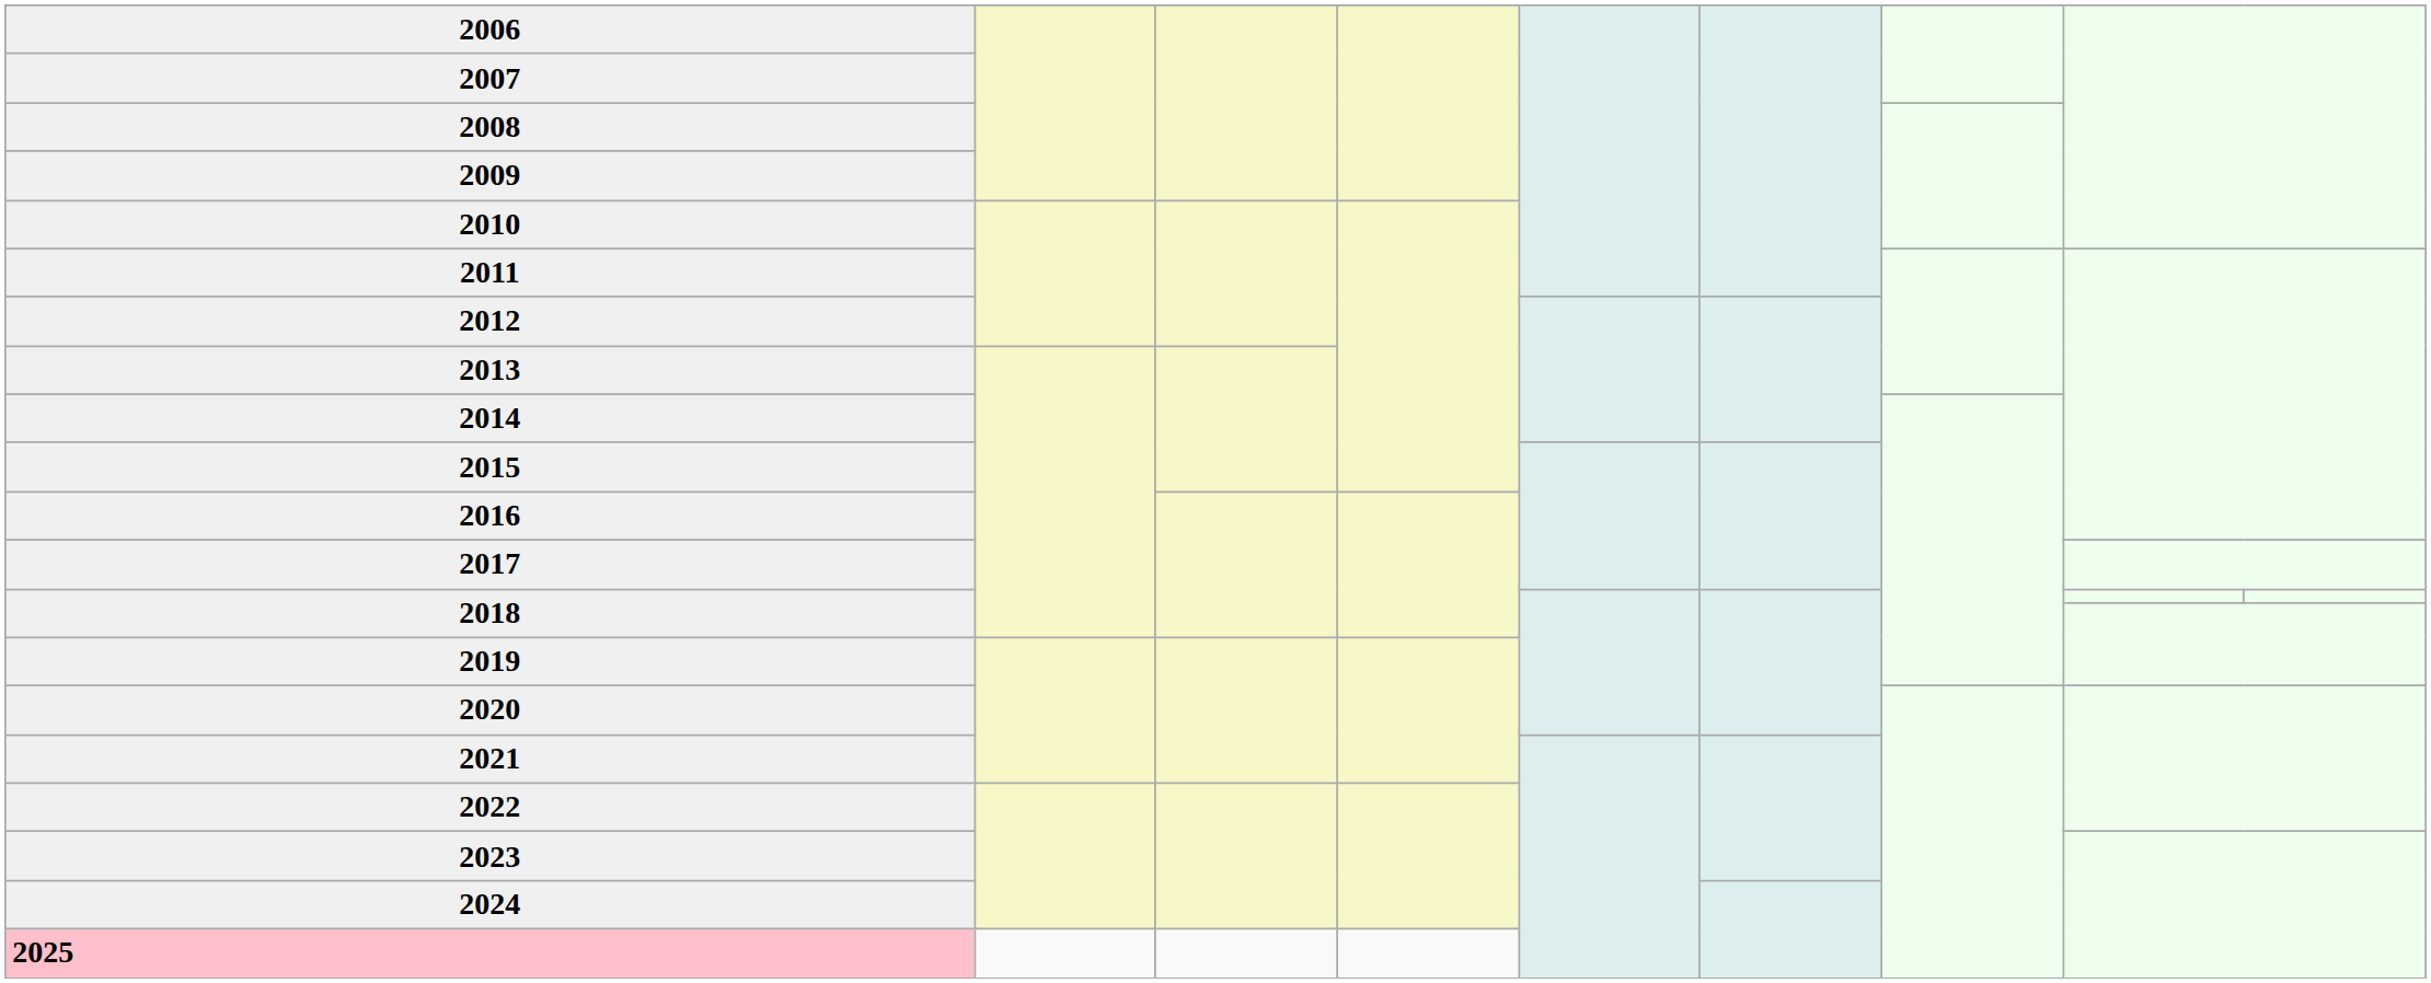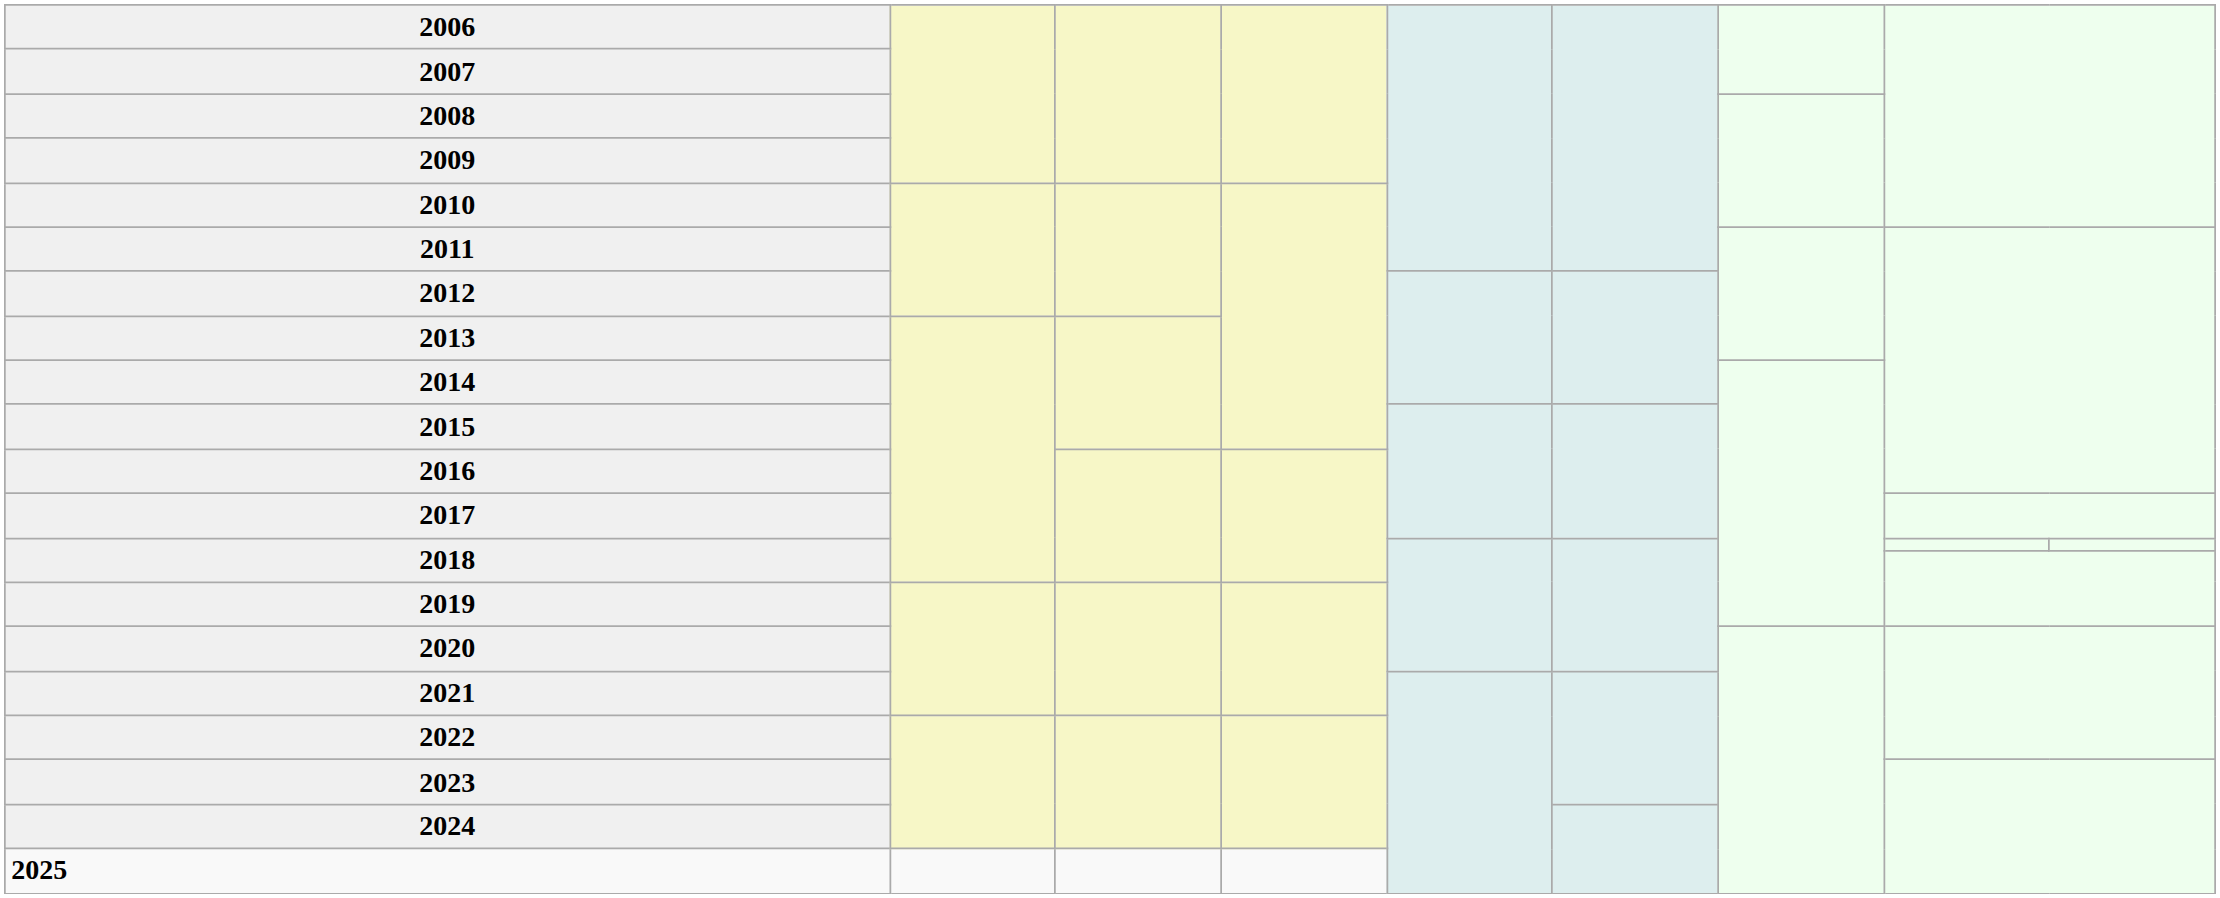 <table class="wikitable" width="100%" border="1" cellpadding="5" cellspacing="0">
 <tr align="center">
 <td style="background: #f0f0f0"><strong>2006</strong></td>
 <td style='background: #f7f7c7; ' valign="middle" rowspan=4></td>
 <td style='background: #f7f7c7; ' valign="middle" rowspan=4></td>
 <td style='background: #f7f7c7; ' valign="middle" rowspan=4></td>
 <td style='background: #ddeeee; ' valign="middle" rowspan=6></td>
 <td style='background: #ddeeee; ' valign="middle" rowspan=6></td>
 <td style='background: #eeffee; ' valign="middle" rowspan=2></td>
 <td style='background: #eeffee; ' valign="middle" rowspan=5 colspan=2></td>
 </tr>
 <tr align="center">
 <td style="background: #f0f0f0"><strong>2007</strong></td>
 </tr>
 <tr align="center">
 <td style="background: #f0f0f0"><strong>2008</strong></td>
 <td style='background: #eeffee; ' valign="middle" rowspan=3></td>
 </tr>
 <tr align="center">
 <td style="background: #f0f0f0"><strong>2009</strong></td>
 </tr>
 <tr align="center">
 <td style="background: #f0f0f0"><strong>2010</strong></td>
 <td style='background: #f7f7c7; ' valign="middle" rowspan=3></td>
 <td style='background: #f7f7c7; ' valign="middle" rowspan=3></td>
 <td style='background: #f7f7c7; ' valign="middle" rowspan=6></td>
 </tr>
 <tr align="center">
 <td style="background: #f0f0f0"><strong>2011</strong></td>
 <td style='background: #eeffee; ' valign="middle" rowspan=3></td>
 <td style='background: #eeffee; ' valign="middle" rowspan=6 colspan=2></td>
 </tr>
 <tr align="center">
 <td style="background: #f0f0f0"><strong>2012</strong></td>
 <td style='background: #ddeeee; ' valign="middle" rowspan=3></td>
 <td style='background: #ddeeee; ' valign="middle" rowspan=3></td>
 </tr>
 <tr align="center">
 <td style="background: #f0f0f0"><strong>2013</strong></td>
 <td style='background: #f7f7c7; ' valign="middle" rowspan=7></td>
 <td style='background: #f7f7c7; ' valign="middle" rowspan=3></td>
 </tr>
 <tr align="center">
 <td style="background: #f0f0f0"><strong>2014</strong></td>
 <td style='background: #eeffee; ' valign="middle" rowspan=7></td>
 </tr>
 <tr align="center">
 <td style="background: #f0f0f0"><strong>2015</strong></td>
 <td style='background: #ddeeee; ' valign="middle" rowspan=3></td>
 <td style='background: #ddeeee; ' valign="middle" rowspan=3></td>
 </tr>
 <tr align="center">
 <td style="background: #f0f0f0"><strong>2016</strong></td>
 <td style='background: #f7f7c7; ' valign="middle" rowspan=4></td>
 <td style='background: #f7f7c7; ' valign="middle" rowspan=4></td>
 </tr>
 <tr align="center">
 <td style="background: #f0f0f0"><strong>2017</strong></td>
 <td style='background: #eeffee; ' valign="middle" rowspan=1 colspan=2></td>
 </tr>
 <tr align="center">
 <td rowspan="2" style="background: #f0f0f0"><strong>2018</strong></td>
 <td style='background: #ddeeee; ' valign="middle" rowspan=4></td>
 <td style='background: #ddeeee; ' valign="middle" rowspan=4></td>
 <td style='background: #eeffee; ' valign="middle" rowspan=1 colspan=1></td>
 <td style='background: #eeffee; ' valign="middle" rowspan= colspan=1></td>
 </tr>
 <tr align="center">
 <td style='background: #eeffee; ' valign="middle" rowspan=2 colspan=2></td>
 </tr>
 <tr align="center">
 <td style="background: #f0f0f0"><strong>2019</strong></td>
 <td style='background: #f7f7c7; ' valign="middle" rowspan=3></td>
 <td style='background: #f7f7c7; ' valign="middle" rowspan=3></td>
 <td style='background: #f7f7c7; ' valign="middle" rowspan=3></td>
 </tr>
 <tr align="center">
 <td style="background: #f0f0f0"><strong>2020</strong></td>
 <td rowspan="6" style="background: #eeffee; " valign="middle"></td>
 <td style='background: #eeffee; ' valign="middle" rowspan=3 colspan=2></td>
 </tr>
 <tr align="center">
 <td style="background: #f0f0f0"><strong>2021</strong></td>
 <td rowspan="5" style="background: #ddeeee; " valign="middle"></td>
 <td style='background: #ddeeee; ' valign="middle" rowspan=3></td>
 </tr>
 <tr align="center">
 <td style="background: #f0f0f0"><strong>2022</strong></td>
 <td style='background: #f7f7c7; ' valign="middle" rowspan=3></td>
 <td style='background: #f7f7c7; ' valign="middle" rowspan=3></td>
 <td style='background: #f7f7c7; ' valign="middle" rowspan=3></td>
 </tr>
 <tr align="center">
 <td style="background: #f0f0f0"><strong>2023</strong></td>
 <td colspan="2" rowspan="3" style="background: #eeffee; " valign="middle"></td>
 </tr>
 <tr align="center">
 <td style="background: #f0f0f0"><strong>2024</strong></td>
 <td rowspan="2" style="background: #ddeeee; " valign="middle"></td>
 </tr>
 <tr>
-<td style="background: pink;"><strong>2025</strong></td>
+<td><strong>2025</strong></td>
 <td></td>
 <td></td>
 <td></td>
 </tr>
 </table>
